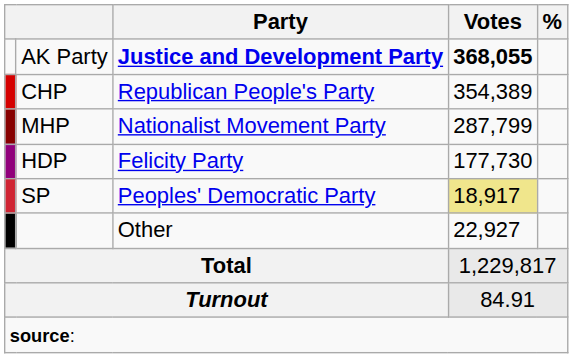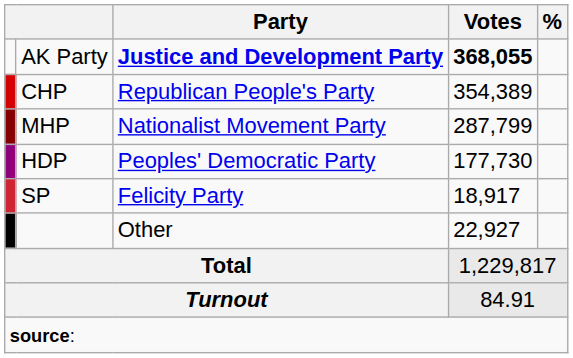 <table class="wikitable">
 <tr>
 <th colspan="2" align="center"></th>
 <th align="center">Party</th>
 <th align="center">Votes</th>
 <th align="center">%</th>
 </tr>
 <tr align="left">
 <td></td>
 <td>AK Party</td>
 <td><strong><a href='#'>Justice and Development Party</a></strong></td>
 <td><strong>368,055</strong></td>
 <td><strong></strong></td>
 </tr>
 <tr align="left">
 <td bgcolor="#d50000" width="1"></td>
 <td>CHP</td>
 <td><a href='#'>Republican People's Party</a></td>
 <td>354,389</td>
 <td></td>
 </tr>
 <tr align="left">
 <td bgcolor="#870000" width="1"></td>
 <td>MHP</td>
 <td><a href='#'>Nationalist Movement Party</a></td>
 <td>287,799</td>
 <td></td>
 </tr>
 <tr align="left">
 <td bgcolor="#91007B" width="1"></td>
 <td>HDP</td>
-<td><a href='#'>Felicity Party</a></td>
+<td><a href='#'>Peoples' Democratic Party</a></td>
 <td>177,730</td>
 <td></td>
 </tr>
 <tr align="left">
 <td bgcolor="#D02433" width="1"></td>
 <td>SP</td>
-<td><a href='#'>Peoples' Democratic Party</a></td>
-<td style="background: khaki;">18,917</td>
+<td><a href='#'>Felicity Party</a></td>
+<td>18,917</td>
 <td></td>
 </tr>
 <tr align="left">
 <td bgcolor=" " width="1"></td>
 <td></td>
 <td>Other</td>
 <td>22,927</td>
 <td></td>
 </tr>
 <tr align="left" style="background-color:#E9E9E9">
 <th colspan="3" align="center"><strong>Total</strong></th>
 <td colspan="5" align="center">1,229,817</td>
 </tr>
 <tr align="left" style="background-color:#E9E9E9">
 <th colspan="3" align="center"><em>Turnout</em></th>
 <td colspan="5" align="center">84.91</td>
 </tr>
 <tr>
 <td colspan="9" align="left"><small><strong>source</strong>: </small></td>
 </tr>
 </table>
